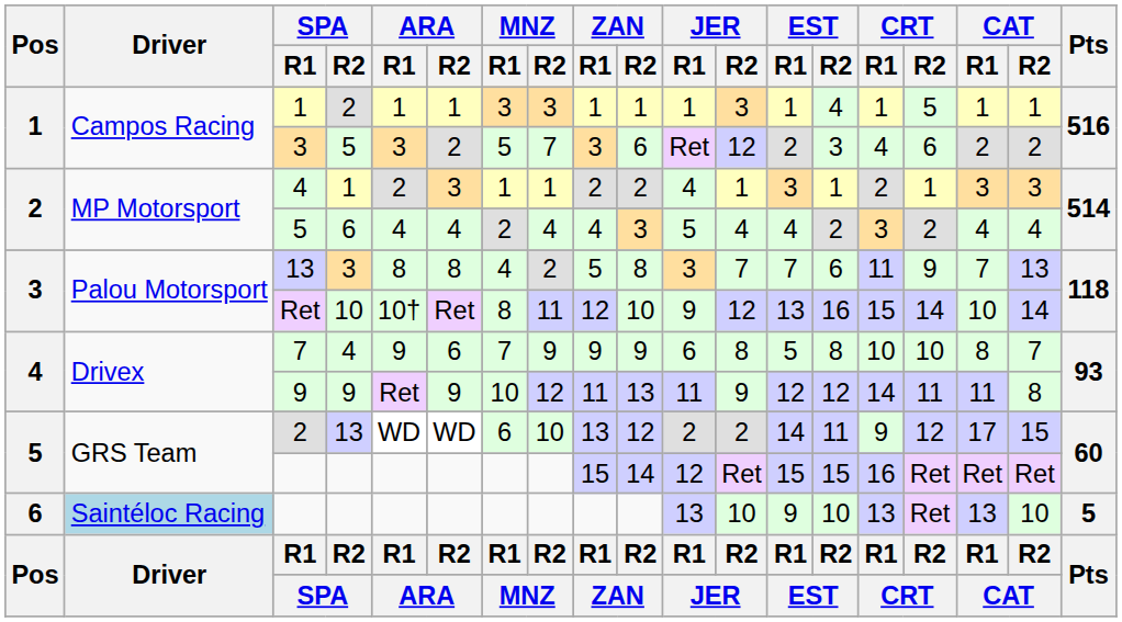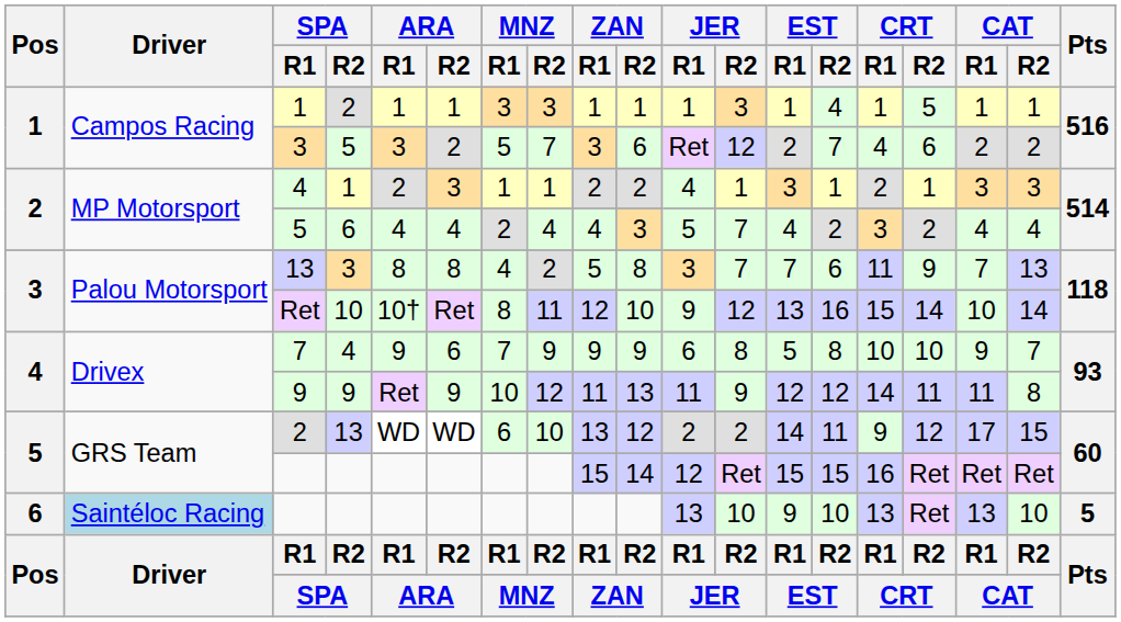 <table class="wikitable" style="font-size:85%; text-align:center">
 <tr>
 <th rowspan="2">Pos</th>
 <th rowspan="2">Driver</th>
 <th colspan="2"><a href='#'>SPA</a><br></th>
 <th colspan="2"><a href='#'>ARA</a><br></th>
 <th colspan="2"><a href='#'>MNZ</a><br></th>
 <th colspan="2"><a href='#'>ZAN</a><br></th>
 <th colspan="2"><a href='#'>JER</a><br></th>
 <th colspan="2"><a href='#'>EST</a><br></th>
 <th colspan="2"><a href='#'>CRT</a><br></th>
 <th colspan="2"><a href='#'>CAT</a><br></th>
 <th rowspan="2">Pts</th>
 </tr>
 <tr>
 <th>R1</th>
 <th>R2</th>
 <th>R1</th>
 <th>R2</th>
 <th>R1</th>
 <th>R2</th>
 <th>R1</th>
 <th>R2</th>
 <th>R1</th>
 <th>R2</th>
 <th>R1</th>
 <th>R2</th>
 <th>R1</th>
 <th>R2</th>
 <th>R1</th>
 <th>R2</th>
 </tr>
 <tr>
 <th rowspan="2">1</th>
 <td rowspan="2"  align="left"> <a href='#'>Campos Racing</a></td>
 <td style="background:#ffffbf;">1</td>
 <td style="background:#dfdfdf;">2</td>
 <td style="background:#ffffbf;">1</td>
 <td style="background:#ffffbf;">1</td>
 <td style="background:#ffdf9f;">3</td>
 <td style="background:#ffdf9f;">3</td>
 <td style="background:#ffffbf;">1</td>
 <td style="background:#ffffbf;">1</td>
 <td style="background:#ffffbf;">1</td>
 <td style="background:#ffdf9f;">3</td>
 <td style="background:#ffffbf;">1</td>
 <td style="background:#dfffdf;">4</td>
 <td style="background:#ffffbf;">1</td>
 <td style="background:#dfffdf;">5</td>
 <td style="background:#ffffbf;">1</td>
 <td style="background:#ffffbf;">1</td>
 <th rowspan="2">516</th>
 </tr>
 <tr>
 <td style="background:#ffdf9f;">3</td>
 <td style="background:#dfffdf;">5</td>
 <td style="background:#ffdf9f;">3</td>
 <td style="background:#dfdfdf;">2</td>
 <td style="background:#dfffdf;">5</td>
 <td style="background:#dfffdf;">7</td>
 <td style="background:#ffdf9f;">3</td>
 <td style="background:#dfffdf;">6</td>
 <td style="background:#efcfff;">Ret</td>
 <td style="background:#cfcfff;">12</td>
 <td style="background:#dfdfdf;">2</td>
-<td style="background:#dfffdf;">3</td>
+<td style="background:#dfffdf;">7</td>
 <td style="background:#dfffdf;">4</td>
 <td style="background:#dfffdf;">6</td>
 <td style="background:#dfdfdf;">2</td>
 <td style="background:#dfdfdf;">2</td>
 </tr>
 <tr>
 <th rowspan="2">2</th>
 <td rowspan="2"  align="left"> <a href='#'>MP Motorsport</a></td>
 <td style="background:#dfffdf;">4</td>
 <td style="background:#ffffbf;">1</td>
 <td style="background:#dfdfdf;">2</td>
 <td style="background:#ffdf9f;">3</td>
 <td style="background:#ffffbf;">1</td>
 <td style="background:#ffffbf;">1</td>
 <td style="background:#dfdfdf;">2</td>
 <td style="background:#dfdfdf;">2</td>
 <td style="background:#dfffdf;">4</td>
 <td style="background:#ffffbf;">1</td>
 <td style="background:#ffdf9f;">3</td>
 <td style="background:#ffffbf;">1</td>
 <td style="background:#dfdfdf;">2</td>
 <td style="background:#ffffbf;">1</td>
 <td style="background:#ffdf9f;">3</td>
 <td style="background:#ffdf9f;">3</td>
 <th rowspan="2">514</th>
 </tr>
 <tr>
 <td style="background:#dfffdf;">5</td>
 <td style="background:#dfffdf;">6</td>
 <td style="background:#dfffdf;">4</td>
 <td style="background:#dfffdf;">4</td>
 <td style="background:#dfdfdf;">2</td>
 <td style="background:#dfffdf;">4</td>
 <td style="background:#dfffdf;">4</td>
 <td style="background:#ffdf9f;">3</td>
 <td style="background:#dfffdf;">5</td>
-<td style="background:#dfffdf;">4</td>
+<td style="background:#dfffdf;">7</td>
 <td style="background:#dfffdf;">4</td>
 <td style="background:#dfdfdf;">2</td>
 <td style="background:#ffdf9f;">3</td>
 <td style="background:#dfdfdf;">2</td>
 <td style="background:#dfffdf;">4</td>
 <td style="background:#dfffdf;">4</td>
 </tr>
 <tr>
 <th rowspan="2">3</th>
 <td rowspan="2"  align="left"> <a href='#'>Palou Motorsport</a></td>
 <td style="background:#cfcfff;">13</td>
 <td style="background:#ffdf9f;">3</td>
 <td style="background:#dfffdf;">8</td>
 <td style="background:#dfffdf;">8</td>
 <td style="background:#dfffdf;">4</td>
 <td style="background:#dfdfdf;">2</td>
 <td style="background:#dfffdf;">5</td>
 <td style="background:#dfffdf;">8</td>
 <td style="background:#ffdf9f;">3</td>
 <td style="background:#dfffdf;">7</td>
 <td style="background:#dfffdf;">7</td>
 <td style="background:#dfffdf;">6</td>
 <td style="background:#cfcfff;">11</td>
 <td style="background:#dfffdf;">9</td>
 <td style="background:#dfffdf;">7</td>
 <td style="background:#cfcfff;">13</td>
 <th rowspan="2">118</th>
 </tr>
 <tr>
 <td style="background:#efcfff;">Ret</td>
 <td style="background:#dfffdf;">10</td>
 <td style="background:#dfffdf;">10†</td>
 <td style="background:#efcfff;">Ret</td>
 <td style="background:#dfffdf;">8</td>
 <td style="background:#cfcfff;">11</td>
 <td style="background:#cfcfff;">12</td>
 <td style="background:#dfffdf;">10</td>
 <td style="background:#dfffdf;">9</td>
 <td style="background:#cfcfff;">12</td>
 <td style="background:#cfcfff;">13</td>
 <td style="background:#cfcfff;">16</td>
 <td style="background:#cfcfff;">15</td>
 <td style="background:#cfcfff;">14</td>
 <td style="background:#dfffdf;">10</td>
 <td style="background:#cfcfff;">14</td>
 </tr>
 <tr>
 <th rowspan="2">4</th>
 <td rowspan="2"  align="left"> <a href='#'>Drivex</a></td>
 <td style="background:#dfffdf;">7</td>
 <td style="background:#dfffdf;">4</td>
 <td style="background:#dfffdf;">9</td>
 <td style="background:#dfffdf;">6</td>
 <td style="background:#dfffdf;">7</td>
 <td style="background:#dfffdf;">9</td>
 <td style="background:#dfffdf;">9</td>
 <td style="background:#dfffdf;">9</td>
 <td style="background:#dfffdf;">6</td>
 <td style="background:#dfffdf;">8</td>
 <td style="background:#dfffdf;">5</td>
 <td style="background:#dfffdf;">8</td>
 <td style="background:#dfffdf;">10</td>
 <td style="background:#dfffdf;">10</td>
-<td style="background:#dfffdf;">8</td>
+<td style="background:#dfffdf;">9</td>
 <td style="background:#dfffdf;">7</td>
 <th rowspan="2">93</th>
 </tr>
 <tr>
 <td style="background:#dfffdf;">9</td>
 <td style="background:#dfffdf;">9</td>
 <td style="background:#efcfff;">Ret</td>
 <td style="background:#dfffdf;">9</td>
 <td style="background:#dfffdf;">10</td>
 <td style="background:#cfcfff;">12</td>
 <td style="background:#cfcfff;">11</td>
 <td style="background:#cfcfff;">13</td>
 <td style="background:#cfcfff;">11</td>
 <td style="background:#dfffdf;">9</td>
 <td style="background:#cfcfff;">12</td>
 <td style="background:#cfcfff;">12</td>
 <td style="background:#cfcfff;">14</td>
 <td style="background:#cfcfff;">11</td>
 <td style="background:#cfcfff;">11</td>
 <td style="background:#dfffdf;">8</td>
 </tr>
 <tr>
 <th rowspan="2">5</th>
 <td rowspan="2" align="left"> GRS Team</td>
 <td style="background:#dfdfdf;">2</td>
 <td style="background:#cfcfff;">13</td>
 <td style="background:#ffffff;">WD</td>
 <td style="background:#ffffff;">WD</td>
 <td style="background:#dfffdf;">6</td>
 <td style="background:#dfffdf;">10</td>
 <td style="background:#cfcfff;">13</td>
 <td style="background:#cfcfff;">12</td>
 <td style="background:#dfdfdf;">2</td>
 <td style="background:#dfdfdf;">2</td>
 <td style="background:#cfcfff;">14</td>
 <td style="background:#cfcfff;">11</td>
 <td style="background:#dfffdf;">9</td>
 <td style="background:#cfcfff;">12</td>
 <td style="background:#cfcfff;">17</td>
 <td style="background:#cfcfff;">15</td>
 <th rowspan="2">60</th>
 </tr>
 <tr>
 <td></td>
 <td></td>
 <td></td>
 <td></td>
 <td></td>
 <td></td>
 <td style="background:#cfcfff;">15</td>
 <td style="background:#cfcfff;">14</td>
 <td style="background:#cfcfff;">12</td>
 <td style="background:#efcfff;">Ret</td>
 <td style="background:#cfcfff;">15</td>
 <td style="background:#cfcfff;">15</td>
 <td style="background:#cfcfff;">16</td>
 <td style="background:#efcfff;">Ret</td>
 <td style="background:#efcfff;">Ret</td>
 <td style="background:#efcfff;">Ret</td>
 </tr>
 <tr>
 <th>6</th>
 <td align="left" style="background: lightblue;"> <a href='#'>Saintéloc Racing</a></td>
 <td></td>
 <td></td>
 <td></td>
 <td></td>
 <td></td>
 <td></td>
 <td></td>
 <td></td>
 <td style="background:#cfcfff;">13</td>
 <td style="background:#dfffdf;">10</td>
 <td style="background:#dfffdf;">9</td>
 <td style="background:#dfffdf;">10</td>
 <td style="background:#cfcfff;">13</td>
 <td style="background:#efcfff;">Ret</td>
 <td style="background:#cfcfff;">13</td>
 <td style="background:#dfffdf;">10</td>
 <th>5</th>
 </tr>
 <tr>
 <th rowspan="2">Pos</th>
 <th rowspan="2">Driver</th>
 <th>R1</th>
 <th>R2</th>
 <th>R1</th>
 <th>R2</th>
 <th>R1</th>
 <th>R2</th>
 <th>R1</th>
 <th>R2</th>
 <th>R1</th>
 <th>R2</th>
 <th>R1</th>
 <th>R2</th>
 <th>R1</th>
 <th>R2</th>
 <th>R1</th>
 <th>R2</th>
 <th rowspan="2">Pts</th>
 </tr>
 <tr>
 <th colspan="2"><a href='#'>SPA</a><br></th>
 <th colspan="2"><a href='#'>ARA</a><br></th>
 <th colspan="2"><a href='#'>MNZ</a><br></th>
 <th colspan="2"><a href='#'>ZAN</a><br></th>
 <th colspan="2"><a href='#'>JER</a><br></th>
 <th colspan="2"><a href='#'>EST</a><br></th>
 <th colspan="2"><a href='#'>CRT</a><br></th>
 <th colspan="2"><a href='#'>CAT</a><br></th>
 </tr>
 </table>
